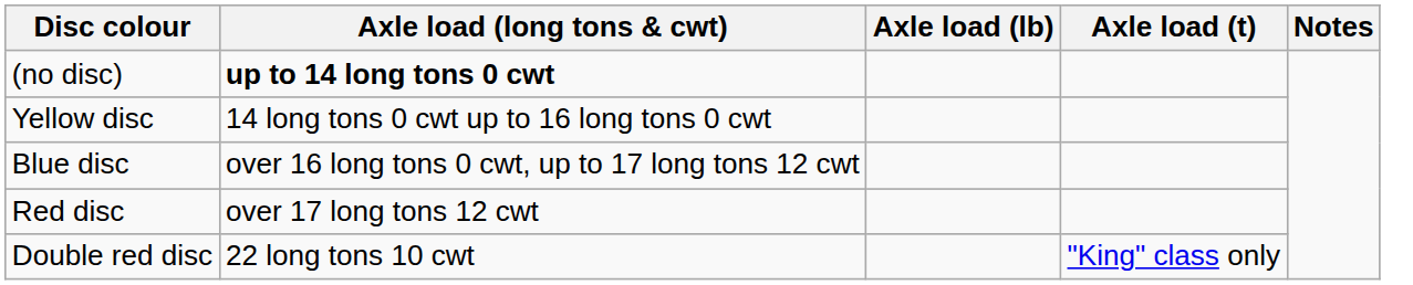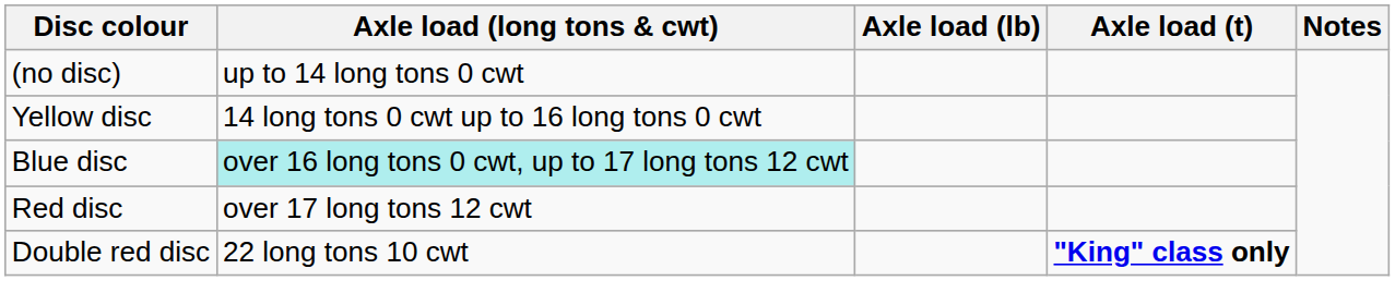 <table class="wikitable">
 <tr>
 <th>Disc colour</th>
 <th>Axle load (long tons & cwt)</th>
 <th>Axle load (lb)</th>
 <th>Axle load (t)</th>
 <th>Notes</th>
 </tr>
 <tr>
 <td>(no disc)</td>
-<td><strong>up to 14 long tons 0 cwt</strong></td>
+<td>up to 14 long tons 0 cwt</td>
 <td></td>
 <td></td>
 </tr>
 <tr>
 <td>Yellow disc</td>
 <td>14 long tons 0 cwt up to 16 long tons 0 cwt</td>
 <td></td>
 <td></td>
 </tr>
 <tr>
 <td>Blue disc</td>
-<td>over 16 long tons 0 cwt, up to 17 long tons 12 cwt</td>
+<td style="background: paleturquoise;">over 16 long tons 0 cwt, up to 17 long tons 12 cwt</td>
 <td></td>
 <td></td>
 </tr>
 <tr>
 <td>Red disc</td>
 <td>over 17 long tons 12 cwt</td>
 <td></td>
 <td></td>
 </tr>
 <tr>
 <td>Double red disc</td>
 <td>22 long tons 10 cwt</td>
 <td></td>
-<td><a href='#'>"King" class</a> only</td>
+<td><strong><a href='#'>"King" class</a> only</strong></td>
 </tr>
 </table>
